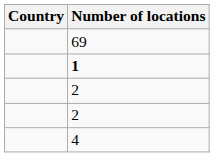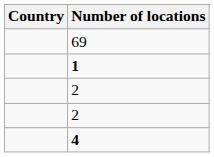 <table class="wikitable sortable">
 <tr>
 <th>Country</th>
 <th>Number of locations</th>
 </tr>
 <tr>
 <td></td>
 <td>69</td>
 </tr>
 <tr>
 <td></td>
 <td><strong>1</strong></td>
 </tr>
 <tr>
 <td></td>
 <td>2</td>
 </tr>
 <tr>
 <td></td>
 <td>2</td>
 </tr>
 <tr>
 <td></td>
-<td>4</td>
+<td><strong>4</strong></td>
 </tr>
 </table>
